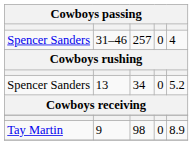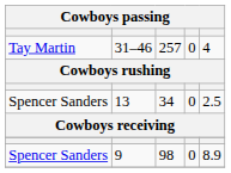 <table class="wikitable plainrowheaders">
 <tr>
 <th colspan="6">Cowboys passing</th>
 </tr>
 <tr>
 <th scope="col"></th>
 <th scope="col"></th>
 <th scope="col"></th>
 <th scope="col"></th>
 <th scope="col"></th>
 </tr>
 <tr>
-<td><a href='#'>Spencer Sanders</a></td>
+<td><a href='#'>Tay Martin</a></td>
 <td>31–46</td>
 <td>257</td>
 <td>0</td>
 <td>4</td>
 </tr>
 <tr>
 <th colspan="6">Cowboys rushing</th>
 </tr>
 <tr>
 <th scope="col"></th>
 <th scope="col"></th>
 <th scope="col"></th>
 <th scope="col"></th>
 <th scope="col"></th>
 </tr>
 <tr>
 <td>Spencer Sanders</td>
 <td>13</td>
 <td>34</td>
 <td>0</td>
-<td>5.2</td>
+<td>2.5</td>
 </tr>
 <tr>
 <th colspan="6">Cowboys receiving</th>
 </tr>
 <tr>
 </tr>
 <tr>
 <th scope="col"></th>
 <th scope="col"></th>
 <th scope="col"></th>
 <th scope="col"></th>
 <th scope="col"></th>
 </tr>
 <tr>
-<td><a href='#'>Tay Martin</a></td>
+<td><a href='#'>Spencer Sanders</a></td>
 <td>9</td>
 <td>98</td>
 <td>0</td>
 <td>8.9</td>
 </tr>
 <tr>
 </tr>
 </table>
